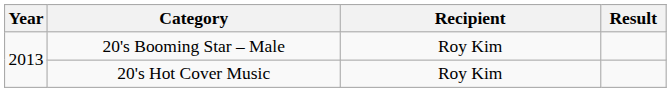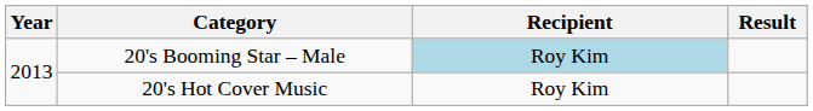 <table class="wikitable" style="text-align:center">
 <tr>
 <th width="5%">Year</th>
 <th width="45%">Category</th>
 <th width="40%">Recipient</th>
 <th width="10%">Result</th>
 </tr>
 <tr>
 <td rowspan="2">2013</td>
 <td>20's Booming Star – Male</td>
-<td>Roy Kim</td>
+<td style="background: lightblue;">Roy Kim</td>
 <td></td>
 </tr>
 <tr>
 <td>20's Hot Cover Music</td>
 <td>Roy Kim </td>
 <td></td>
 </tr>
 </table>
